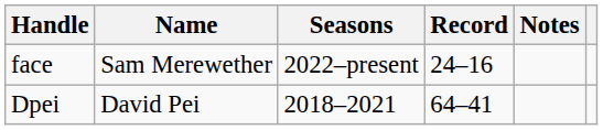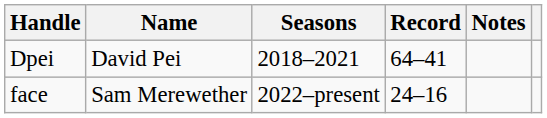 <table class="wikitable">
 <tr>
 <th style="background:#">Handle</th>
 <th style="background:#">Name</th>
 <th style="background:#">Seasons</th>
 <th style="background:#">Record</th>
 <th style="background:#">Notes</th>
 <th style="background:#"></th>
 </tr>
 <tr>
+<td>Dpei</td>
+<td>David Pei</td>
+<td>2018–2021</td>
+<td>64–41 </td>
+<td></td>
+<td></td>
+</tr>
+<tr>
 <td>face</td>
 <td>Sam Merewether</td>
 <td>2022–present</td>
 <td>24–16 </td>
 <td></td>
 <td></td>
 </tr>
-<tr>
-<td>Dpei</td>
-<td>David Pei</td>
-<td>2018–2021</td>
-<td>64–41 </td>
-<td></td>
-<td></td>
-</tr>
 </table>
